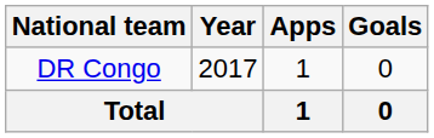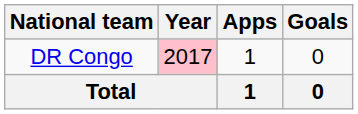 <table class="wikitable" style="text-align:center">
 <tr>
 <th>National team</th>
 <th>Year</th>
 <th>Apps</th>
 <th>Goals</th>
 </tr>
 <tr>
 <td rowspan="1"><a href='#'>DR Congo</a></td>
-<td>2017</td>
+<td style="background: pink;">2017</td>
 <td>1</td>
 <td>0</td>
 </tr>
 <tr>
 <th colspan="2">Total</th>
 <th>1</th>
 <th>0</th>
 </tr>
 </table>
